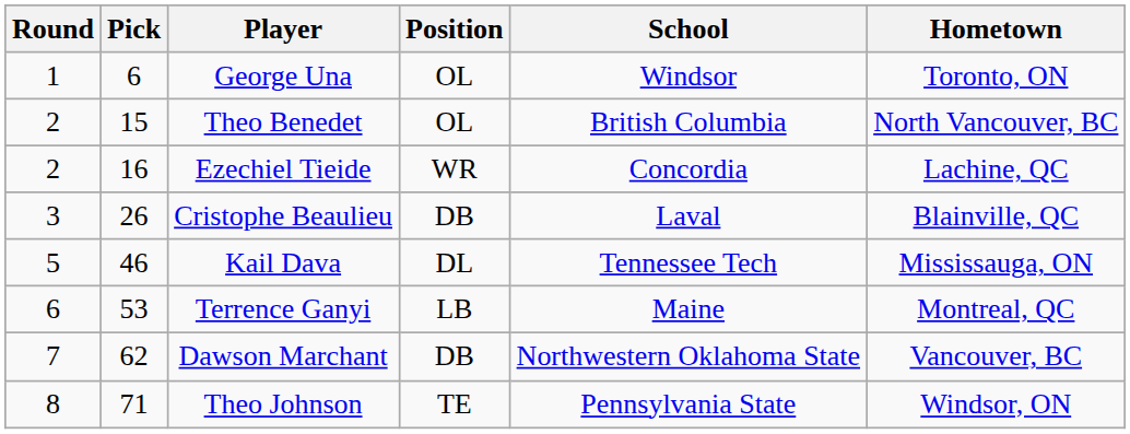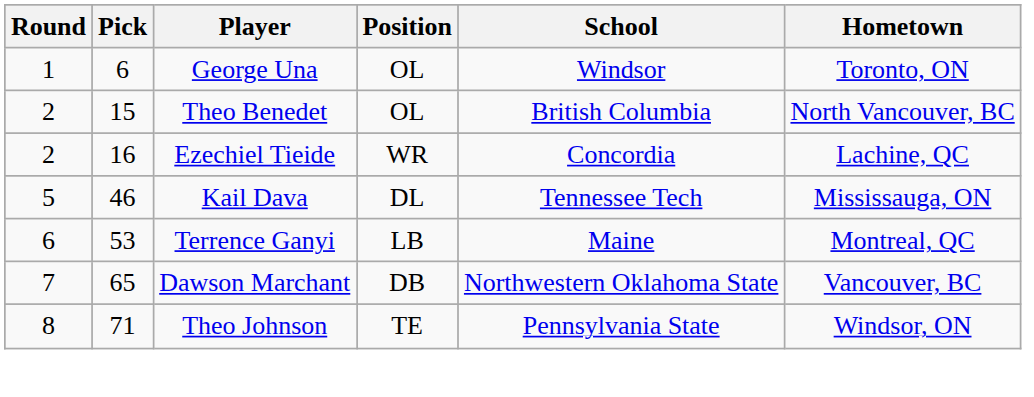 <table class="wikitable" style="font-size: 95%;">
 <tr>
 <th scope="col">Round</th>
 <th scope="col">Pick</th>
 <th scope="col">Player</th>
 <th scope="col">Position</th>
 <th scope="col">School</th>
 <th scope="col">Hometown</th>
 </tr>
 <tr align="center">
 <td align=center>1</td>
 <td>6</td>
 <td><a href='#'>George Una</a></td>
 <td>OL</td>
 <td><a href='#'>Windsor</a></td>
 <td><a href='#'>Toronto, ON</a></td>
 </tr>
 <tr align="center">
 <td align=center>2</td>
 <td>15</td>
 <td><a href='#'>Theo Benedet</a></td>
 <td>OL</td>
 <td><a href='#'>British Columbia</a></td>
 <td><a href='#'>North Vancouver, BC</a></td>
 </tr>
 <tr align="center">
 <td align=center>2</td>
 <td>16</td>
 <td><a href='#'>Ezechiel Tieide</a></td>
 <td>WR</td>
 <td><a href='#'>Concordia</a></td>
 <td><a href='#'>Lachine, QC</a></td>
 </tr>
 <tr align="center">
-<td align=center>3</td>
-<td>26</td>
-<td><a href='#'>Cristophe Beaulieu</a></td>
-<td>DB</td>
-<td><a href='#'>Laval</a></td>
-<td><a href='#'>Blainville, QC</a></td>
-</tr>
-<tr align="center">
 <td align=center>5</td>
 <td>46</td>
 <td><a href='#'>Kail Dava</a></td>
 <td>DL</td>
 <td><a href='#'>Tennessee Tech</a></td>
 <td><a href='#'>Mississauga, ON</a></td>
 </tr>
 <tr align="center">
 <td align=center>6</td>
 <td>53</td>
 <td><a href='#'>Terrence Ganyi</a></td>
 <td>LB</td>
 <td><a href='#'>Maine</a></td>
 <td><a href='#'>Montreal, QC</a></td>
 </tr>
 <tr align="center">
 <td align=center>7</td>
-<td>62</td>
+<td>65</td>
 <td><a href='#'>Dawson Marchant</a></td>
 <td>DB</td>
 <td><a href='#'>Northwestern Oklahoma State</a></td>
 <td><a href='#'>Vancouver, BC</a></td>
 </tr>
 <tr align="center">
 <td align=center>8</td>
 <td>71</td>
 <td><a href='#'>Theo Johnson</a></td>
 <td>TE</td>
 <td><a href='#'>Pennsylvania State</a></td>
 <td><a href='#'>Windsor, ON</a></td>
 </tr>
 </table>
